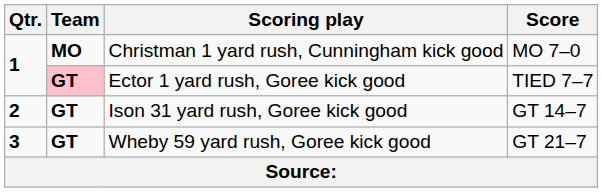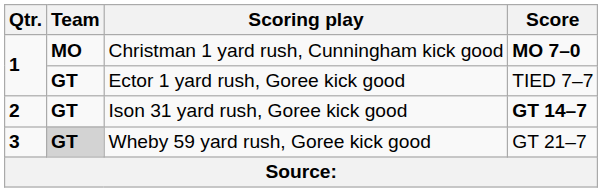 <table class="wikitable">
 <tr>
 <th>Qtr.</th>
 <th>Team</th>
 <th>Scoring play</th>
 <th>Score</th>
 </tr>
 <tr>
 <td rowspan=2><strong>1</strong></td>
 <td><strong>MO</strong></td>
 <td>Christman 1 yard rush, Cunningham kick good</td>
-<td>MO 7–0</td>
+<td><strong>MO 7–0</strong></td>
 </tr>
 <tr>
-<td style="background: pink;"><strong>GT</strong></td>
+<td><strong>GT</strong></td>
 <td>Ector 1 yard rush, Goree kick good</td>
 <td>TIED 7–7</td>
 </tr>
 <tr>
 <td><strong>2</strong></td>
 <td><strong>GT</strong></td>
 <td>Ison 31 yard rush, Goree kick good</td>
-<td>GT 14–7</td>
+<td><strong>GT 14–7</strong></td>
 </tr>
 <tr>
 <td><strong>3</strong></td>
-<td><strong>GT</strong></td>
+<td style="background: lightgrey;"><strong>GT</strong></td>
 <td>Wheby 59 yard rush, Goree kick good</td>
 <td>GT 21–7</td>
 </tr>
 <tr>
 <th colspan=4>Source:</th>
 </tr>
 </table>
